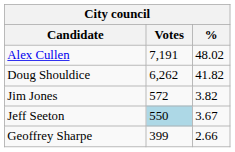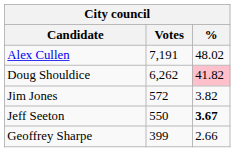 <table class="wikitable">
 <tr>
 <th colspan="3">City council</th>
 </tr>
 <tr>
 <th style="width: 170px">Candidate</th>
 <th style="width: 50px">Votes</th>
 <th style="width: 40px">%</th>
 </tr>
 <tr>
 <td><a href='#'>Alex Cullen</a></td>
 <td>7,191</td>
 <td>48.02</td>
 </tr>
 <tr>
 <td>Doug Shouldice</td>
 <td>6,262</td>
-<td>41.82</td>
+<td style="background: pink;">41.82</td>
 </tr>
 <tr>
 <td>Jim Jones</td>
 <td>572</td>
 <td>3.82</td>
 </tr>
 <tr>
 <td>Jeff Seeton</td>
-<td style="background: lightblue;">550</td>
-<td>3.67</td>
+<td>550</td>
+<td><strong>3.67</strong></td>
 </tr>
 <tr>
 <td>Geoffrey Sharpe</td>
 <td>399</td>
 <td>2.66</td>
 </tr>
 </table>
